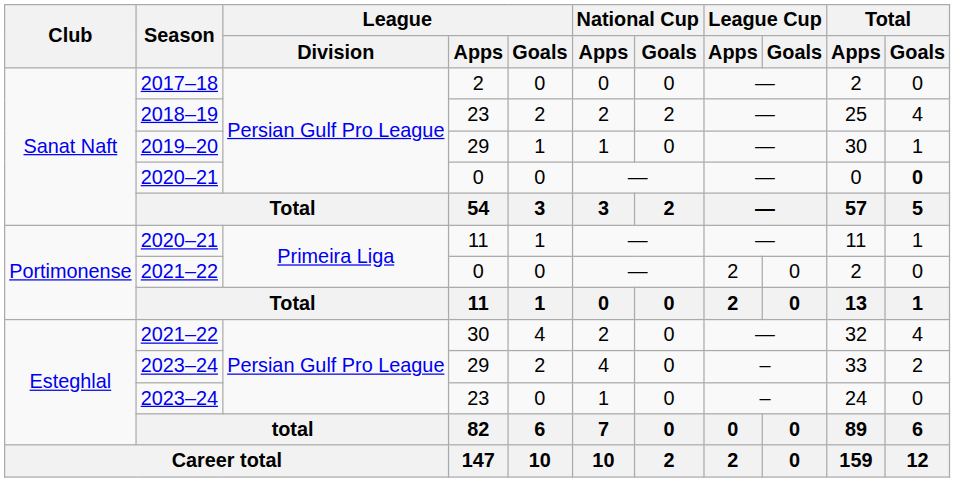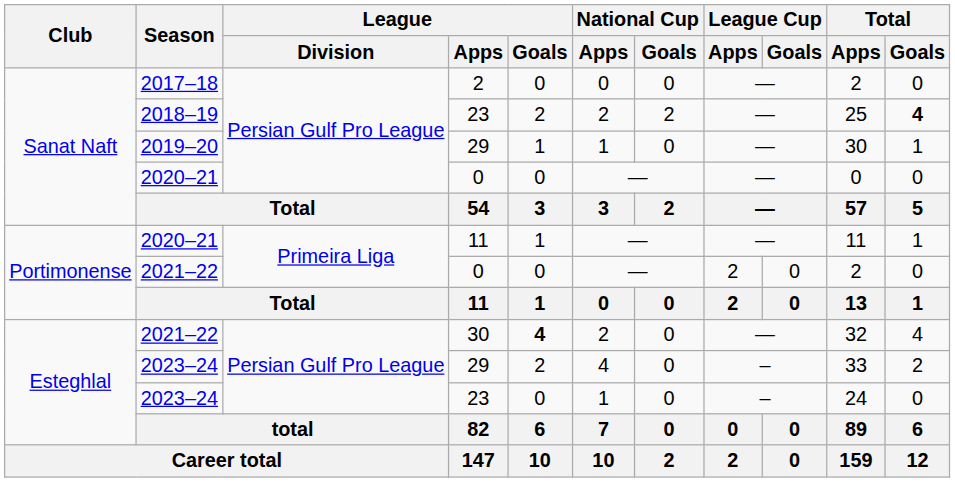 <table class=wikitable style=text-align:center>
 <tr>
 <th rowspan=2>Club</th>
 <th rowspan=2>Season</th>
 <th colspan=3>League</th>
 <th colspan=2>National Cup</th>
 <th colspan=2>League Cup</th>
 <th colspan=2>Total</th>
 </tr>
 <tr>
 <th>Division</th>
 <th>Apps</th>
 <th>Goals</th>
 <th>Apps</th>
 <th>Goals</th>
 <th>Apps</th>
 <th>Goals</th>
 <th>Apps</th>
 <th>Goals</th>
 </tr>
 <tr>
 <td rowspan="5"><a href='#'>Sanat Naft</a></td>
 <td><a href='#'>2017–18</a></td>
 <td rowspan="4"><a href='#'>Persian Gulf Pro League</a></td>
 <td>2</td>
 <td>0</td>
 <td>0</td>
 <td>0</td>
 <td colspan="2">—</td>
 <td>2</td>
 <td>0</td>
 </tr>
 <tr>
 <td><a href='#'>2018–19</a></td>
 <td>23</td>
 <td>2</td>
 <td>2</td>
 <td>2</td>
 <td colspan="2">—</td>
 <td>25</td>
-<td>4</td>
+<td><strong>4</strong></td>
 </tr>
 <tr>
 <td><a href='#'>2019–20</a></td>
 <td>29</td>
 <td>1</td>
 <td>1</td>
 <td>0</td>
 <td colspan="2">—</td>
 <td>30</td>
 <td>1</td>
 </tr>
 <tr>
 <td><a href='#'>2020–21</a></td>
 <td>0</td>
 <td>0</td>
 <td colspan="2">—</td>
 <td colspan="2">—</td>
 <td>0</td>
-<td><strong>0</strong></td>
+<td>0</td>
 </tr>
 <tr>
 <th colspan="2">Total</th>
 <th>54</th>
 <th>3</th>
 <th>3</th>
 <th>2</th>
 <th colspan="2">—</th>
 <th>57</th>
 <th>5</th>
 </tr>
 <tr>
 <td rowspan="3"><a href='#'>Portimonense</a></td>
 <td><a href='#'>2020–21</a></td>
 <td rowspan="2"><a href='#'>Primeira Liga</a></td>
 <td>11</td>
 <td>1</td>
 <td colspan="2">—</td>
 <td colspan="2">—</td>
 <td>11</td>
 <td>1</td>
 </tr>
 <tr>
 <td><a href='#'>2021–22</a></td>
 <td>0</td>
 <td>0</td>
 <td colspan="2">—</td>
 <td>2</td>
 <td>0</td>
 <td>2</td>
 <td>0</td>
 </tr>
 <tr>
 <th colspan="2">Total</th>
 <th>11</th>
 <th>1</th>
 <th>0</th>
 <th>0</th>
 <th>2</th>
 <th>0</th>
 <th>13</th>
 <th>1</th>
 </tr>
 <tr>
 <td rowspan="4"><a href='#'>Esteghlal</a></td>
 <td><a href='#'>2021–22</a></td>
 <td rowspan="3"><a href='#'>Persian Gulf Pro League</a></td>
 <td>30</td>
-<td>4</td>
+<td><strong>4</strong></td>
 <td>2</td>
 <td>0</td>
 <td colspan="2">—</td>
 <td>32</td>
 <td>4</td>
 </tr>
 <tr>
 <td><a href='#'>2023–24</a></td>
 <td>29</td>
 <td>2</td>
 <td>4</td>
 <td>0</td>
 <td colspan="2">–</td>
 <td>33</td>
 <td>2</td>
 </tr>
 <tr>
 <td><a href='#'>2023–24</a></td>
 <td>23</td>
 <td>0</td>
 <td>1</td>
 <td>0</td>
 <td colspan="2">–</td>
 <td>24</td>
 <td>0</td>
 </tr>
 <tr>
 <th colspan="2">total</th>
 <th>82</th>
 <th>6</th>
 <th>7</th>
 <th>0</th>
 <th>0</th>
 <th>0</th>
 <th>89</th>
 <th>6</th>
 </tr>
 <tr>
 <th colspan="3">Career total</th>
 <th>147</th>
 <th>10</th>
 <th>10</th>
 <th>2</th>
 <th>2</th>
 <th>0</th>
 <th>159</th>
 <th>12</th>
 </tr>
 </table>
